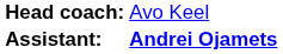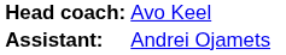 <table>
 <tr>
 <td><strong>Head coach:</strong></td>
 <td><a href='#'>Avo Keel</a></td>
 </tr>
 <tr>
 <td><strong>Assistant:</strong></td>
-<td><strong><a href='#'>Andrei Ojamets</a></strong></td>
+<td><a href='#'>Andrei Ojamets</a></td>
 </tr>
 </table>
